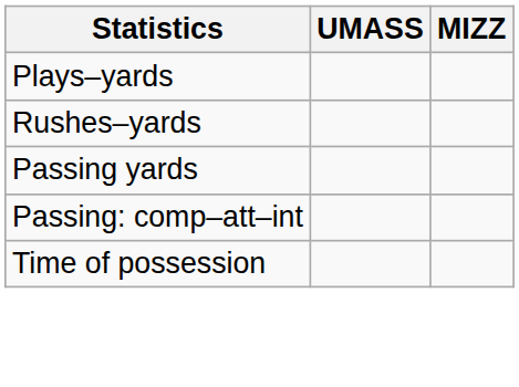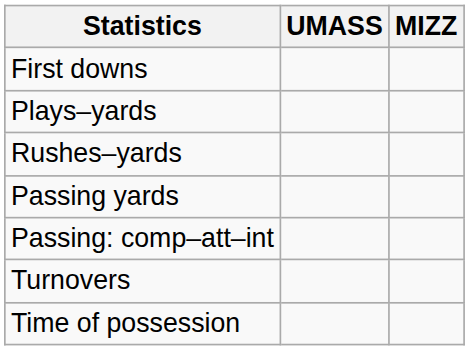 <table class="wikitable" style="float:left">
 <tr>
 <th>Statistics</th>
 <th>UMASS</th>
 <th>MIZZ</th>
+</tr>
+<tr>
+<td>First downs</td>
+<td></td>
+<td></td>
 </tr>
 <tr>
 <td>Plays–yards</td>
 <td></td>
 <td></td>
 </tr>
 <tr>
 <td>Rushes–yards</td>
 <td></td>
 <td></td>
 </tr>
 <tr>
 <td>Passing yards</td>
 <td></td>
 <td></td>
 </tr>
 <tr>
 <td>Passing: comp–att–int</td>
 <td></td>
 <td></td>
 </tr>
 <tr>
+<td>Turnovers</td>
+<td></td>
+<td></td>
+</tr>
+<tr>
 <td>Time of possession</td>
 <td></td>
 <td></td>
 </tr>
 </table>
